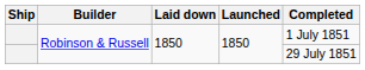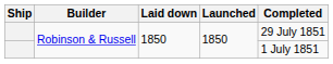 <table class="wikitable plainrowheaders">
 <tr>
 <th scope="col">Ship</th>
 <th scope="col">Builder</th>
 <th scope="col">Laid down</th>
 <th scope="col">Launched</th>
 <th scope="col">Completed</th>
 </tr>
 <tr>
 <th scope="row"></th>
 <td rowspan=2><a href='#'>Robinson & Russell</a></td>
 <td rowspan=2>1850</td>
 <td rowspan=2>1850</td>
-<td>1 July 1851</td>
+<td>29 July 1851</td>
 </tr>
 <tr>
 <th scope="row"></th>
-<td>29 July 1851</td>
+<td>1 July 1851</td>
 </tr>
 </table>
